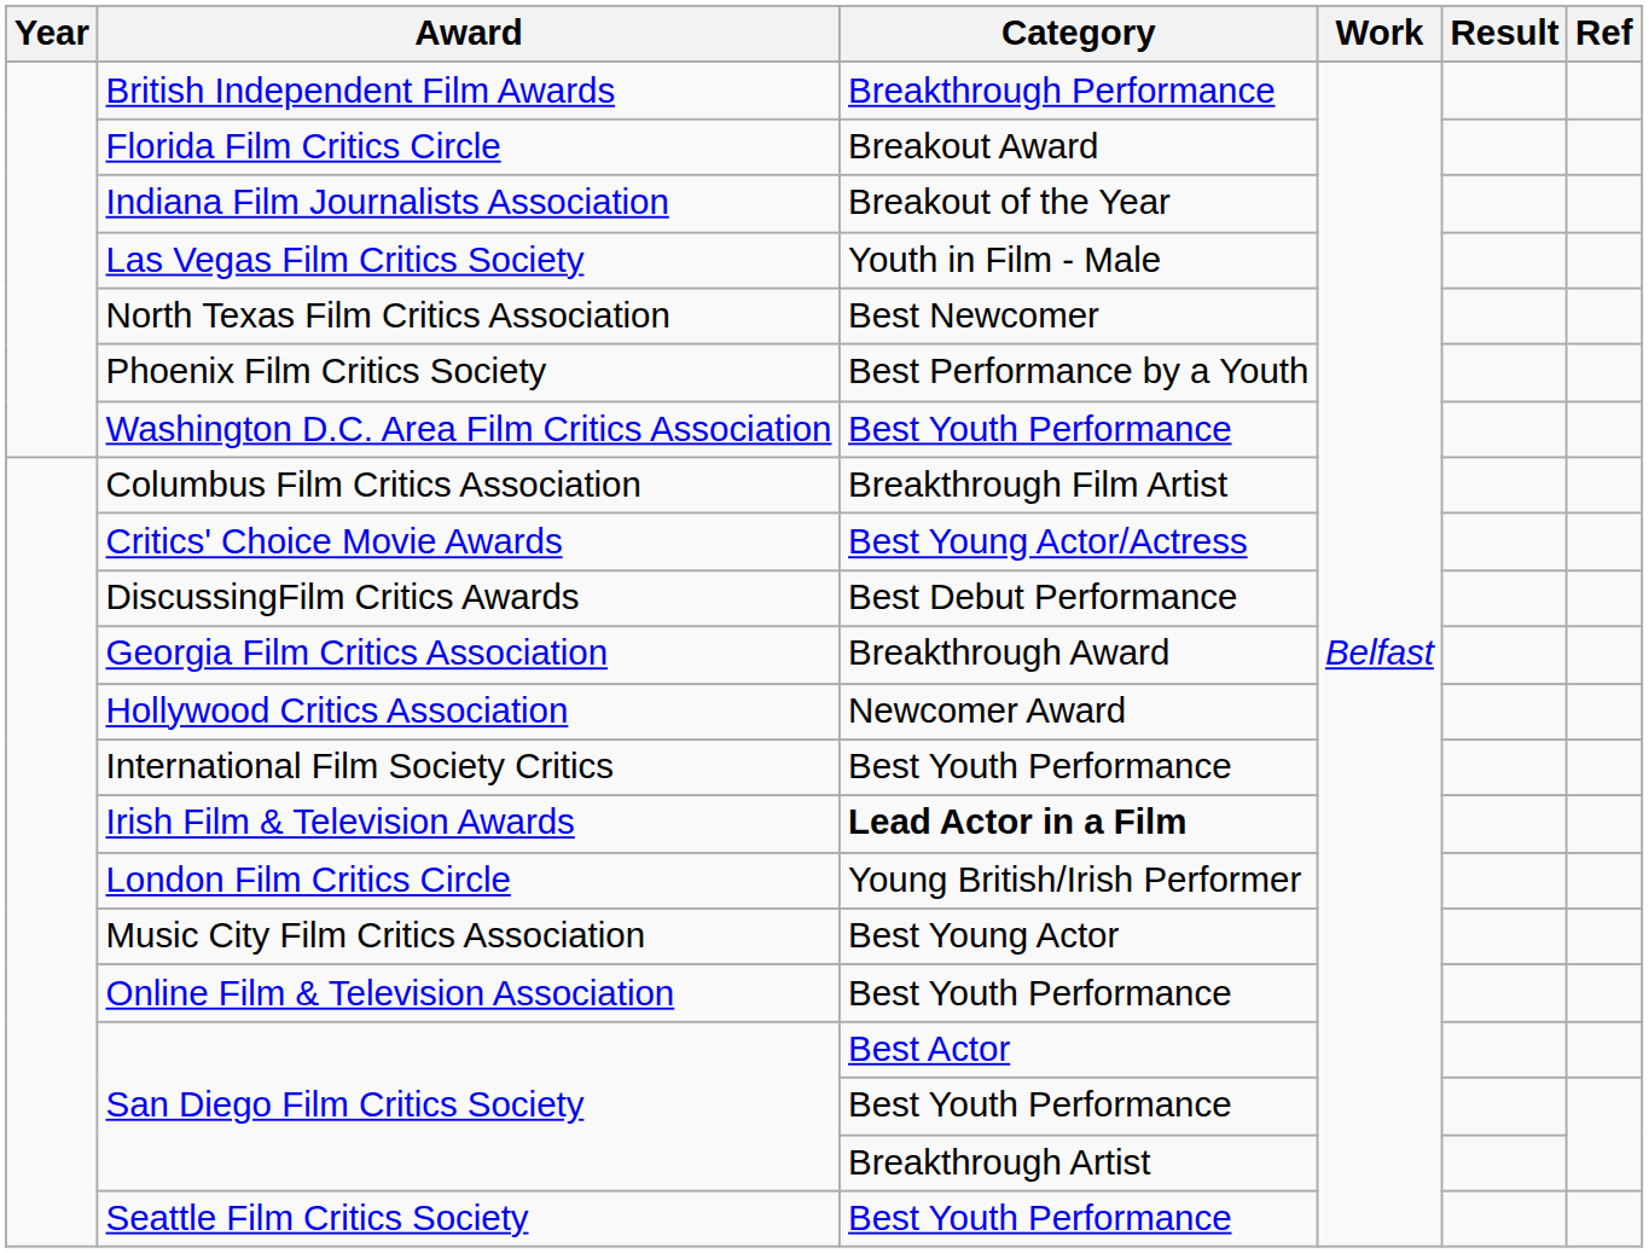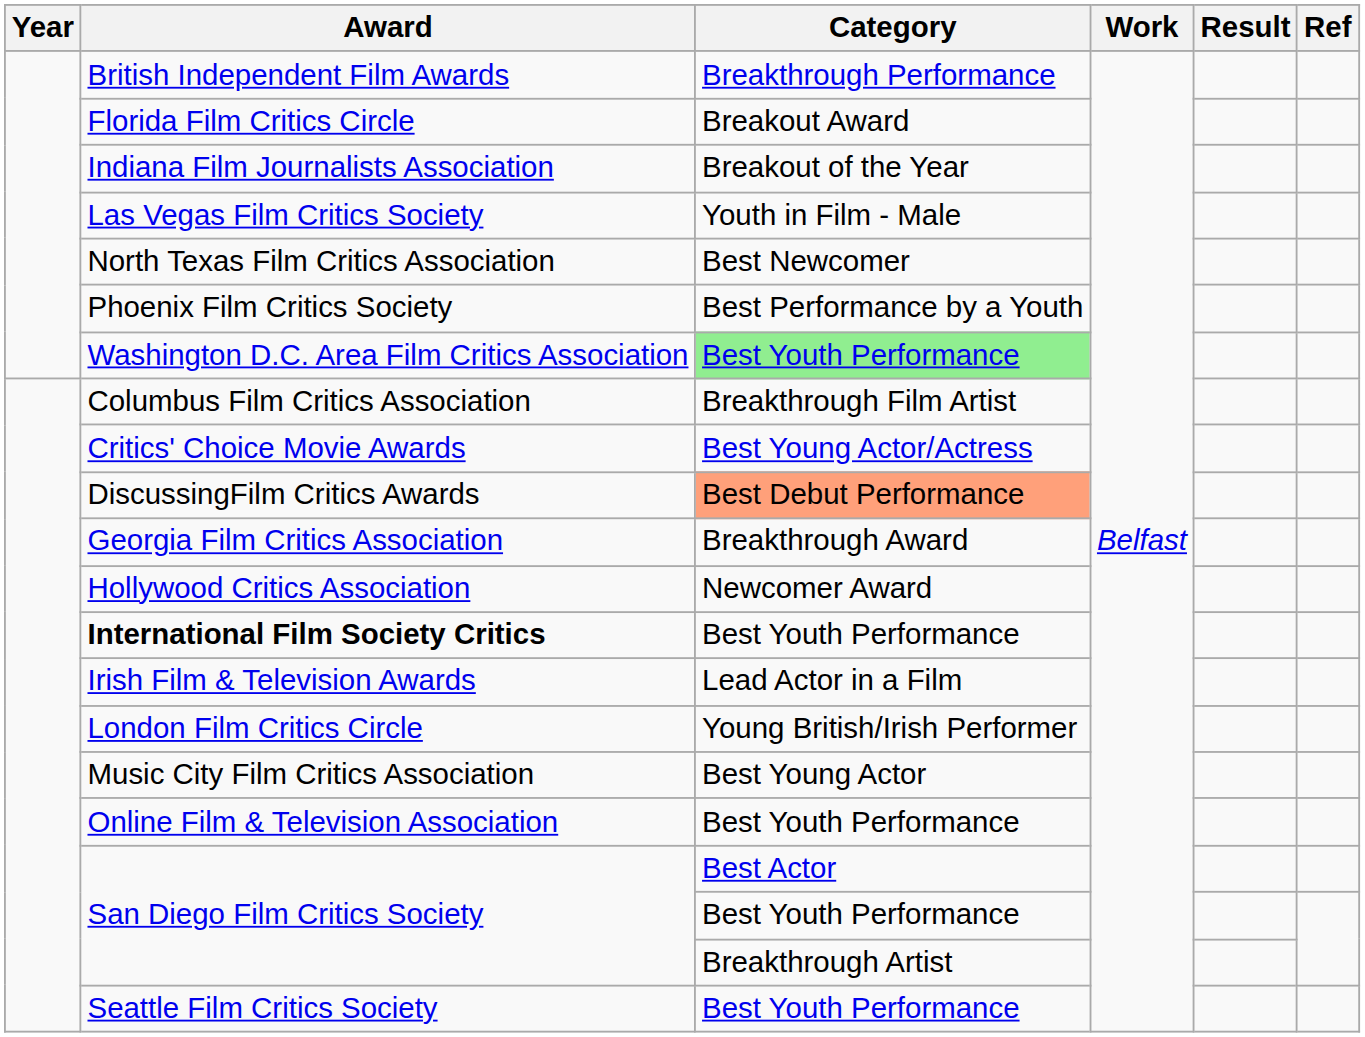 <table class="wikitable plainrowheaders">
 <tr>
 <th>Year</th>
 <th>Award</th>
 <th>Category</th>
 <th>Work</th>
 <th>Result</th>
 <th>Ref</th>
 </tr>
 <tr>
 <td rowspan="7"></td>
 <td><a href='#'>British Independent Film Awards</a></td>
 <td><a href='#'>Breakthrough Performance</a></td>
 <td rowspan="21"><em><a href='#'>Belfast</a></em></td>
 <td></td>
 <td style="text-align: center;"></td>
 </tr>
 <tr>
 <td><a href='#'>Florida Film Critics Circle</a></td>
 <td>Breakout Award</td>
 <td></td>
 <td style="text-align: center;"></td>
 </tr>
 <tr>
 <td><a href='#'>Indiana Film Journalists Association</a></td>
 <td>Breakout of the Year</td>
 <td></td>
 <td style="text-align: center;"></td>
 </tr>
 <tr>
 <td><a href='#'>Las Vegas Film Critics Society</a></td>
 <td>Youth in Film - Male</td>
 <td></td>
 <td style="text-align: center;"></td>
 </tr>
 <tr>
 <td>North Texas Film Critics Association</td>
 <td>Best Newcomer</td>
 <td></td>
 <td style="text-align: center;"></td>
 </tr>
 <tr>
 <td>Phoenix Film Critics Society</td>
 <td>Best Performance by a Youth</td>
 <td></td>
 <td style="text-align: center;"></td>
 </tr>
 <tr>
 <td><a href='#'>Washington D.C. Area Film Critics Association</a></td>
-<td><a href='#'>Best Youth Performance</a></td>
+<td style="background: lightgreen;"><a href='#'>Best Youth Performance</a></td>
 <td></td>
 <td style="text-align: center;"></td>
 </tr>
 <tr>
 <td rowspan="14"></td>
 <td>Columbus Film Critics Association</td>
 <td>Breakthrough Film Artist</td>
 <td></td>
 <td style="text-align: center;"></td>
 </tr>
 <tr>
 <td><a href='#'>Critics' Choice Movie Awards</a></td>
 <td><a href='#'>Best Young Actor/Actress</a></td>
 <td></td>
 <td style="text-align: center;"></td>
 </tr>
 <tr>
 <td>DiscussingFilm Critics Awards</td>
-<td>Best Debut Performance</td>
+<td style="background: lightsalmon;">Best Debut Performance</td>
 <td></td>
 <td style="text-align: center;"></td>
 </tr>
 <tr>
 <td><a href='#'>Georgia Film Critics Association</a></td>
 <td>Breakthrough Award</td>
 <td></td>
 <td style="text-align: center;"></td>
 </tr>
 <tr>
 <td><a href='#'>Hollywood Critics Association</a></td>
 <td>Newcomer Award</td>
 <td></td>
 <td style="text-align: center;"></td>
 </tr>
 <tr>
-<td>International Film Society Critics</td>
+<td><strong>International Film Society Critics</strong></td>
 <td>Best Youth Performance</td>
 <td></td>
 <td style="text-align: center;"></td>
 </tr>
 <tr>
 <td><a href='#'>Irish Film & Television Awards</a></td>
-<td><strong>Lead Actor in a Film</strong></td>
+<td>Lead Actor in a Film</td>
 <td></td>
 <td style="text-align: center;"></td>
 </tr>
 <tr>
 <td><a href='#'>London Film Critics Circle</a></td>
 <td>Young British/Irish Performer</td>
 <td></td>
 <td style="text-align: center;"></td>
 </tr>
 <tr>
 <td>Music City Film Critics Association</td>
 <td>Best Young Actor</td>
 <td></td>
 <td style="text-align: center;"></td>
 </tr>
 <tr>
 <td><a href='#'>Online Film & Television Association</a></td>
 <td>Best Youth Performance</td>
 <td></td>
 <td style="text-align: center;"></td>
 </tr>
 <tr>
 <td rowspan=3><a href='#'>San Diego Film Critics Society</a></td>
 <td><a href='#'>Best Actor</a></td>
 <td></td>
 <td style="text-align:center;"></td>
 </tr>
 <tr>
 <td>Best Youth Performance</td>
 <td></td>
 <td style="text-align:center;" rowspan="2"></td>
 </tr>
 <tr>
 <td>Breakthrough Artist</td>
 <td></td>
 </tr>
 <tr>
 <td><a href='#'>Seattle Film Critics Society</a></td>
 <td><a href='#'>Best Youth Performance</a></td>
 <td></td>
 <td style="text-align: center;"></td>
 </tr>
 </table>
